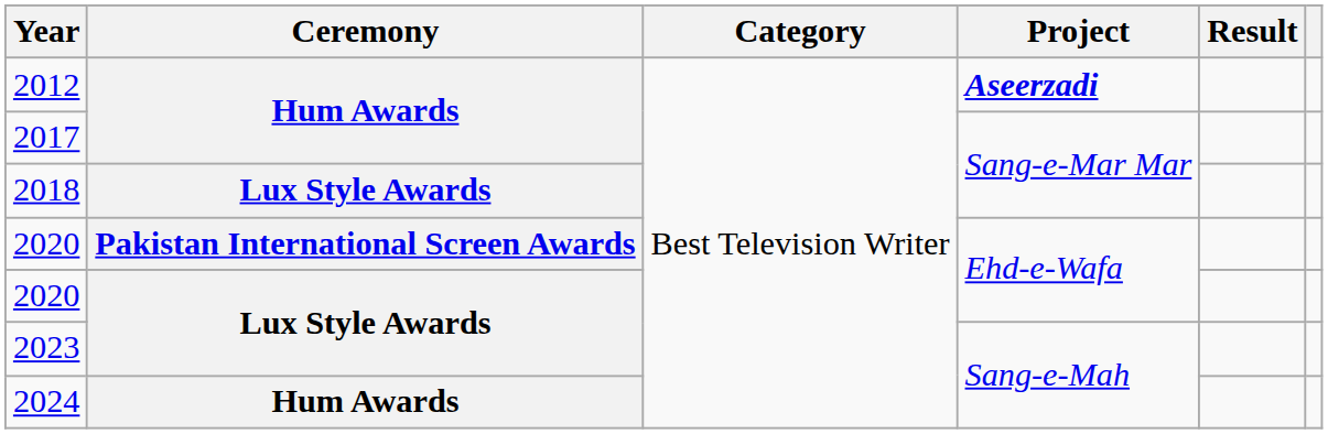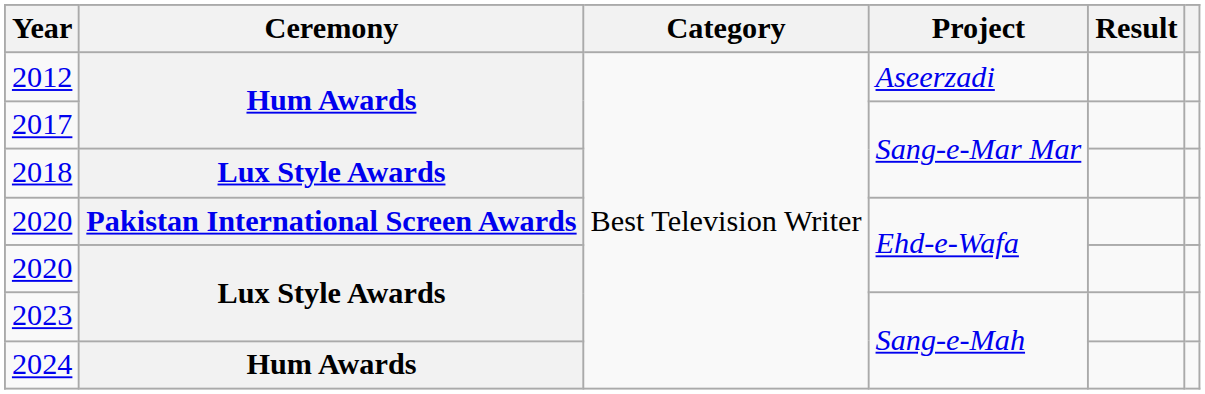 <table class="wikitable plainrowheaders">
 <tr>
 <th>Year</th>
 <th>Ceremony</th>
 <th>Category</th>
 <th>Project</th>
 <th>Result</th>
 <th></th>
 </tr>
 <tr>
 <td><a href='#'>2012</a></td>
 <th rowspan=2 scope=row><a href='#'>Hum Awards</a></th>
 <td rowspan="7">Best Television Writer</td>
-<td><strong><em><a href='#'>Aseerzadi</a></em></strong></td>
+<td><em><a href='#'>Aseerzadi</a></em></td>
 <td></td>
 <td></td>
 </tr>
 <tr>
 <td><a href='#'>2017</a></td>
 <td rowspan=2><em><a href='#'>Sang-e-Mar Mar</a></em></td>
 <td></td>
 <td></td>
 </tr>
 <tr>
 <td><a href='#'>2018</a></td>
 <th scope=row><a href='#'>Lux Style Awards</a></th>
 <td></td>
 <td></td>
 </tr>
 <tr>
 <td><a href='#'>2020</a></td>
 <th scope=row><a href='#'>Pakistan International Screen Awards</a></th>
 <td rowspan=2><em><a href='#'>Ehd-e-Wafa</a></em></td>
 <td></td>
 <td></td>
 </tr>
 <tr>
 <td><a href='#'>2020</a></td>
 <th scope=row rowspan="2">Lux Style Awards</th>
 <td></td>
 <td></td>
 </tr>
 <tr>
 <td><a href='#'>2023</a></td>
 <td rowspan="2"><em><a href='#'>Sang-e-Mah</a></em></td>
 <td></td>
 <td></td>
 </tr>
 <tr>
 <td><a href='#'>2024</a></td>
 <th scope="row">Hum Awards</th>
 <td></td>
 <td></td>
 </tr>
 </table>
